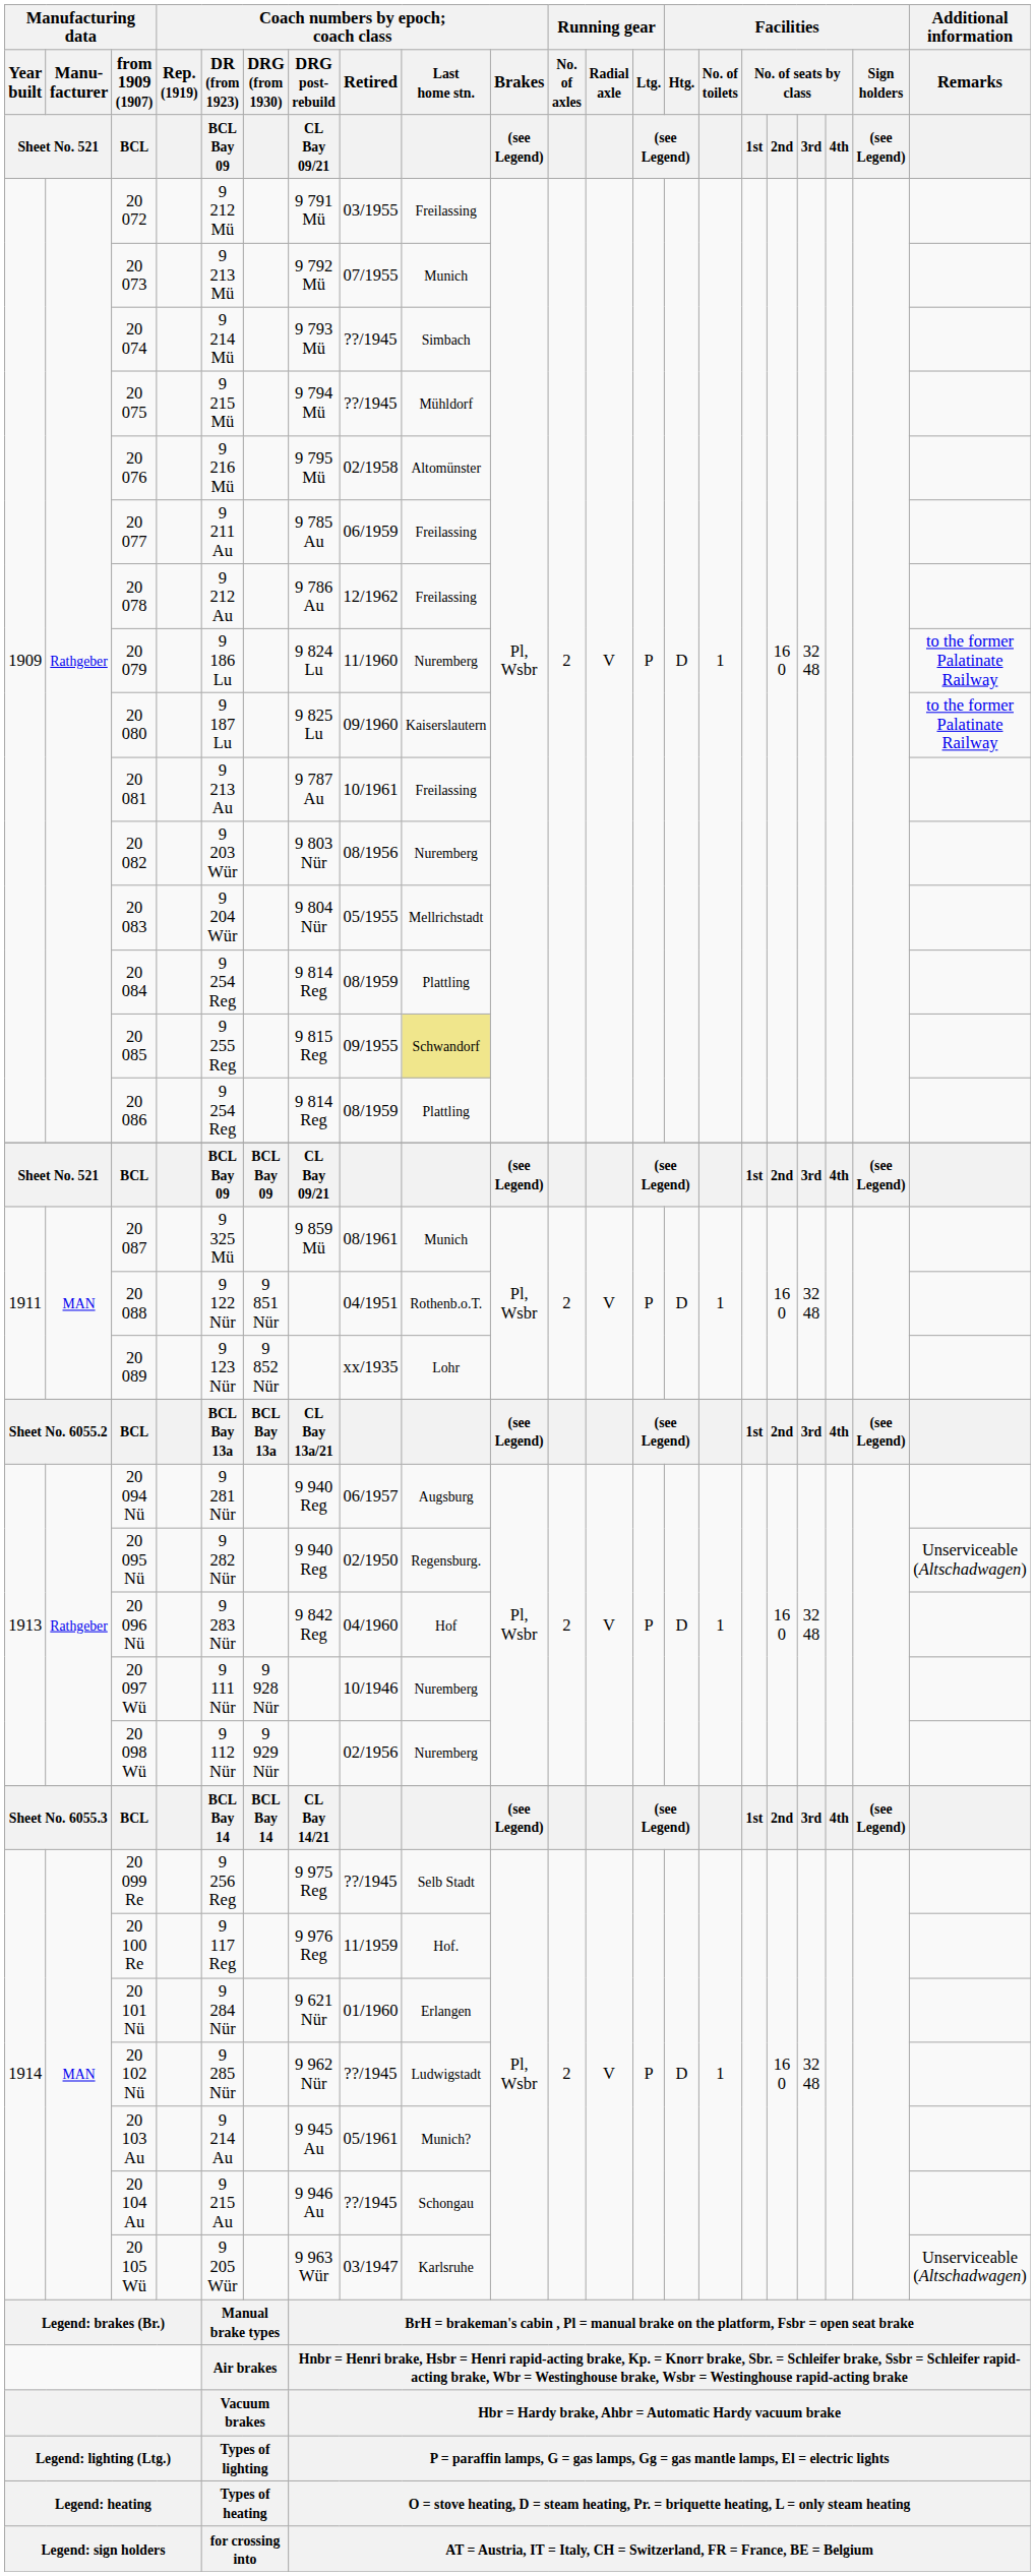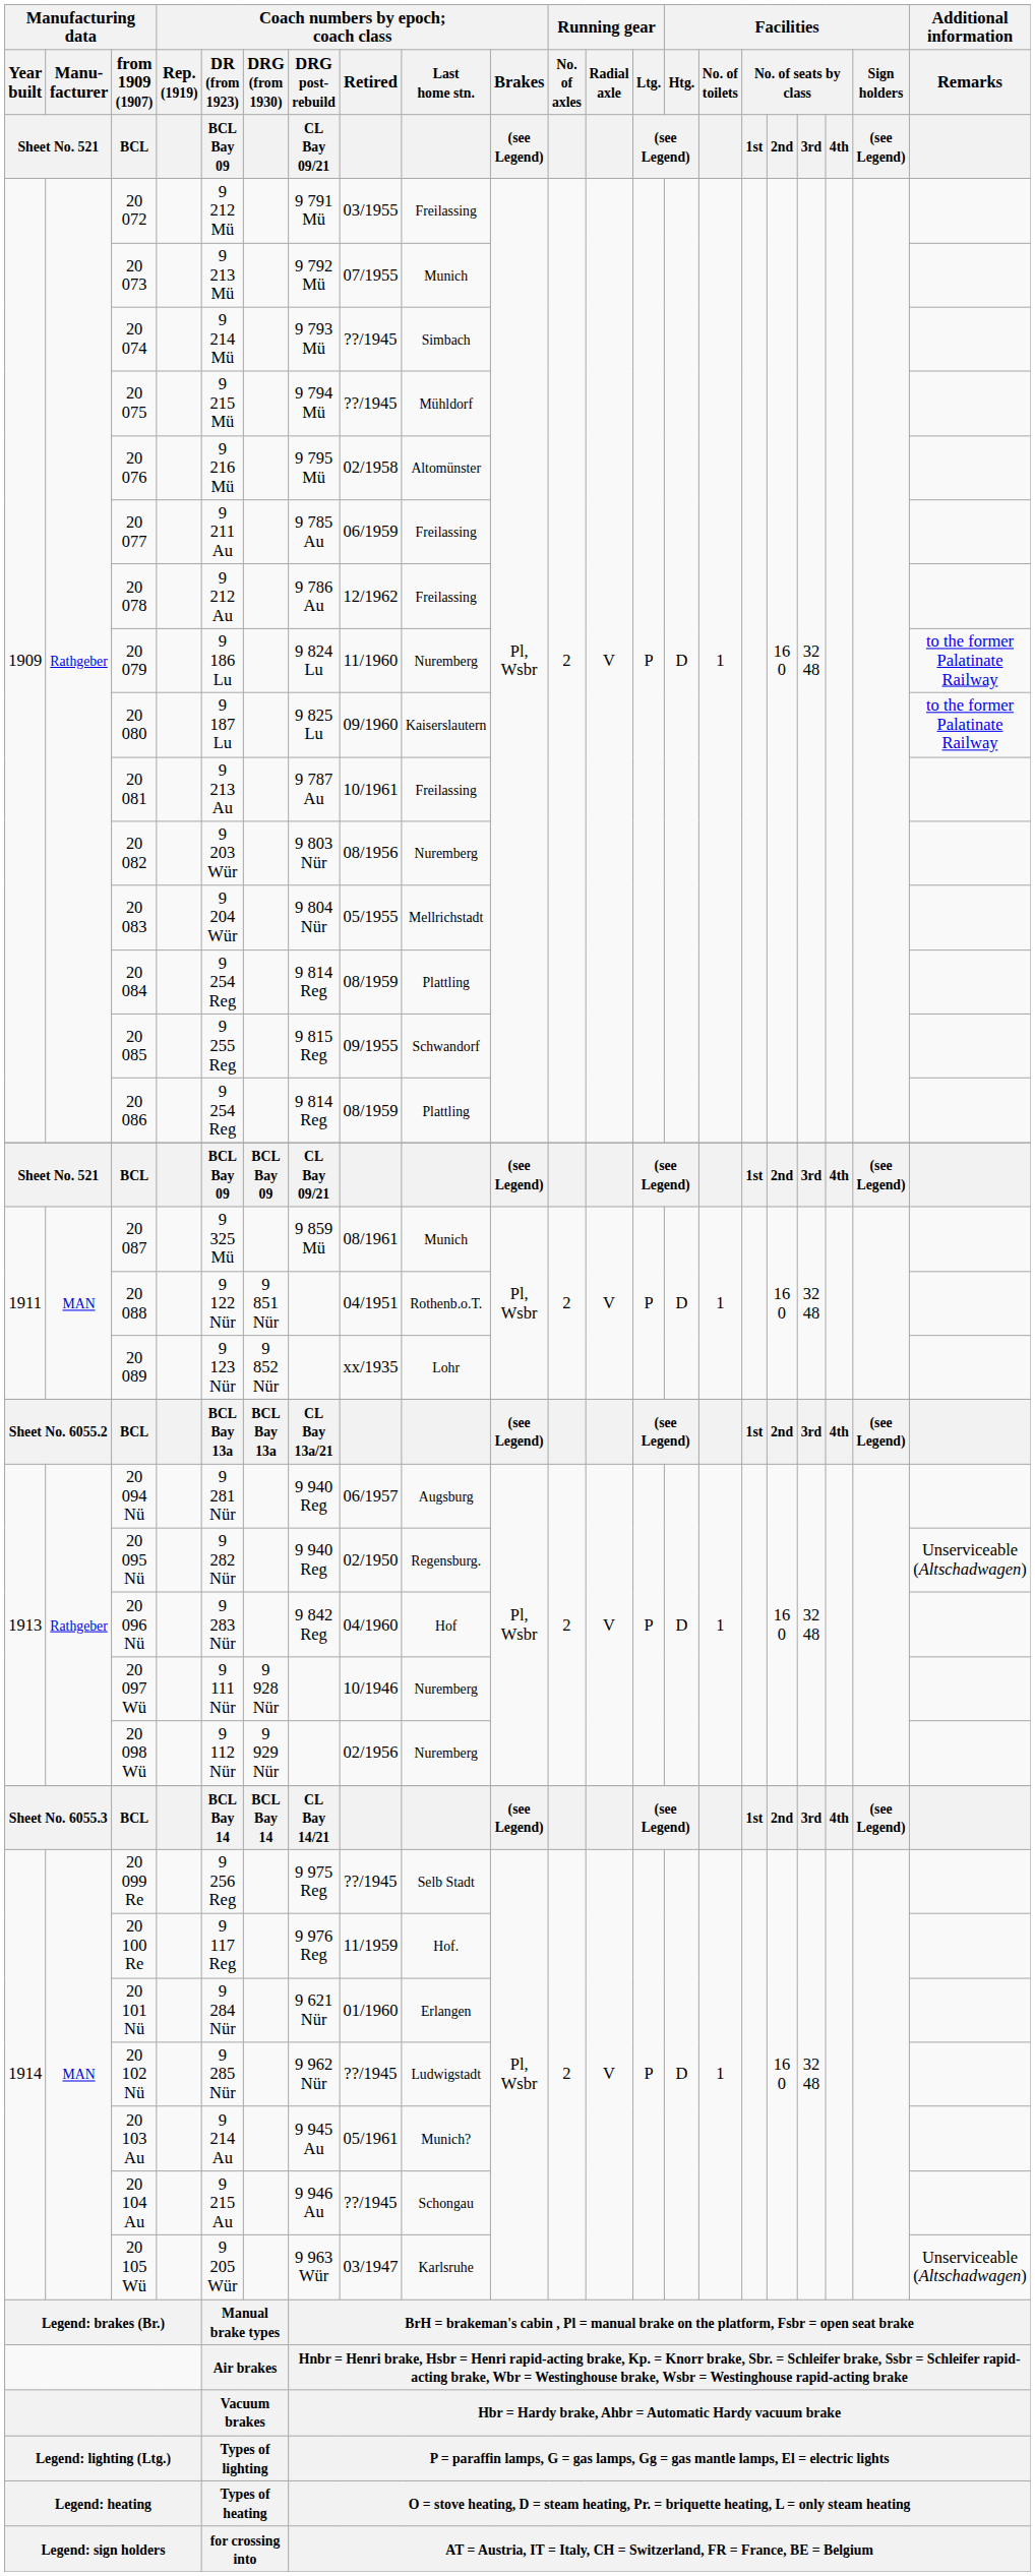 <table class="wikitable" style="text-align:center; width:100%;">
 <tr class="backgroundcolor4">
 <th colspan="3">Manufacturing data</th>
 <th colspan="7">Coach numbers by epoch;<br>coach class</th>
 <th colspan="3">Running gear</th>
 <th colspan="7">Facilities</th>
 <th colspan="4">Additional information</th>
 </tr>
 <tr class="backgroundcolor6">
 <th style="width:3%">Year<br>built</th>
 <th style="width:3%">Manu-<br>facturer</th>
 <th style="width:7%">from 1909<br><small>(1907)</small></th>
 <th style="width:2%">Rep.<br><small>(1919)</small></th>
 <th style="width:7%">DR<br><small>(from 1923)</small></th>
 <th style="width:7%">DRG<br><small>(from 1930)</small></th>
 <th style="width:8%">DRG<br><small>post-rebuild</small></th>
 <th style="width:3%">Retired</th>
 <th style="width:7%"><small>Last <br>home stn.</small></th>
 <th style="width:6%">Brakes</th>
 <th style="width:1%"><small>No. of<br>axles</small></th>
 <th style="width:1%"><small>Radial<br>axle</small></th>
 <th style="width:2%"><small>Ltg.</small></th>
 <th style="width:2%"><small>Htg.</small></th>
 <th style="width:3%"><small>No. of<br>toilets</small></th>
 <th colspan="4"><small>No. of seats by class</small></th>
 <th style="width:3%"><small>Sign<br>holders</small></th>
 <th>Remarks</th>
 </tr>
 <tr class="hintergrundfarbe5">
 <th colspan="2"><small>Sheet No. 521</small></th>
 <th><small>BCL</small></th>
 <th></th>
 <th><small>BCL Bay 09</small></th>
 <th></th>
 <th><small>CL Bay 09/21</small></th>
 <th></th>
 <th></th>
 <th><small>(see<br>Legend)</small></th>
 <th></th>
 <th></th>
 <th colspan="2"><small>(see<br>Legend)</small></th>
 <th></th>
 <th style="width:1%"><small>1st</small></th>
 <th style="width:1%"><small>2nd</small></th>
 <th style="width:1%"><small>3rd</small></th>
 <th style="width:1%"><small>4th</small></th>
 <th><small>(see<br>Legend)</small></th>
 <th></th>
 </tr>
 <tr>
 <td rowspan="15">1909</td>
 <td rowspan="15"><small><a href='#'>Rathgeber</a></small></td>
 <td>20 072</td>
 <td></td>
 <td>9 212 Mü</td>
 <td></td>
 <td>9 791 Mü</td>
 <td>03/1955</td>
 <td><small>Freilassing</small></td>
 <td rowspan="15">Pl, Wsbr</td>
 <td rowspan="15">2</td>
 <td rowspan="15">V</td>
 <td rowspan="15">P</td>
 <td rowspan="15">D</td>
 <td rowspan="15">1</td>
 <td rowspan="15"></td>
 <td rowspan="15">16<br>0</td>
 <td rowspan="15">32<br>48</td>
 <td rowspan="15"></td>
 <td rowspan="15"></td>
 <td></td>
 </tr>
 <tr>
 <td>20 073</td>
 <td></td>
 <td>9 213 Mü</td>
 <td></td>
 <td>9 792 Mü</td>
 <td>07/1955</td>
 <td><small>Munich</small></td>
 <td></td>
 </tr>
 <tr>
 <td>20 074</td>
 <td></td>
 <td>9 214 Mü</td>
 <td></td>
 <td>9 793 Mü</td>
 <td>??/1945</td>
 <td><small>Simbach</small></td>
 <td></td>
 </tr>
 <tr>
 <td>20 075</td>
 <td></td>
 <td>9 215 Mü</td>
 <td></td>
 <td>9 794 Mü</td>
 <td>??/1945</td>
 <td><small>Mühldorf</small></td>
 <td></td>
 </tr>
 <tr>
 <td>20 076</td>
 <td></td>
 <td>9 216 Mü</td>
 <td></td>
 <td>9 795 Mü</td>
 <td>02/1958</td>
 <td><small>Altomünster</small></td>
 <td></td>
 </tr>
 <tr>
 <td>20 077</td>
 <td></td>
 <td>9 211 Au</td>
 <td></td>
 <td>9 785 Au</td>
 <td>06/1959</td>
 <td><small>Freilassing</small></td>
 <td></td>
 </tr>
 <tr>
 <td>20 078</td>
 <td></td>
 <td>9 212 Au</td>
 <td></td>
 <td>9 786 Au</td>
 <td>12/1962</td>
 <td><small>Freilassing</small></td>
 <td></td>
 </tr>
 <tr>
 <td>20 079</td>
 <td></td>
 <td>9 186 Lu</td>
 <td></td>
 <td>9 824 Lu</td>
 <td>11/1960</td>
 <td><small>Nuremberg</small></td>
 <td><a href='#'>to the former Palatinate Railway</a></td>
 </tr>
 <tr>
 <td>20 080</td>
 <td></td>
 <td>9 187 Lu</td>
 <td></td>
 <td>9 825 Lu</td>
 <td>09/1960</td>
 <td><small>Kaiserslautern</small></td>
 <td><a href='#'>to the former Palatinate Railway</a></td>
 </tr>
 <tr>
 <td>20 081</td>
 <td></td>
 <td>9 213 Au</td>
 <td></td>
 <td>9 787 Au</td>
 <td>10/1961</td>
 <td><small>Freilassing</small></td>
 <td></td>
 </tr>
 <tr>
 <td>20 082</td>
 <td></td>
 <td>9 203 Wür</td>
 <td></td>
 <td>9 803 Nür</td>
 <td>08/1956</td>
 <td><small>Nuremberg</small></td>
 <td></td>
 </tr>
 <tr>
 <td>20 083</td>
 <td></td>
 <td>9 204 Wür</td>
 <td></td>
 <td>9 804 Nür</td>
 <td>05/1955</td>
 <td><small>Mellrichstadt</small></td>
 <td></td>
 </tr>
 <tr>
 <td>20 084</td>
 <td></td>
 <td>9 254 Reg</td>
 <td></td>
 <td>9 814 Reg</td>
 <td>08/1959</td>
 <td><small>Plattling</small></td>
 <td></td>
 </tr>
 <tr>
 <td>20 085</td>
 <td></td>
 <td>9 255 Reg</td>
 <td></td>
 <td>9 815 Reg</td>
 <td>09/1955</td>
-<td style="background: khaki;"><small>Schwandorf</small></td>
+<td><small>Schwandorf</small></td>
 <td></td>
 </tr>
 <tr>
 <td>20 086</td>
 <td></td>
 <td>9 254 Reg</td>
 <td></td>
 <td>9 814 Reg</td>
 <td>08/1959</td>
 <td><small>Plattling</small></td>
 <td></td>
 </tr>
 <tr>
 </tr>
 <tr class="hintergrundfarbe5">
 <th colspan="2"><small>Sheet No. 521</small></th>
 <th><small>BCL</small></th>
 <th></th>
 <th><small>BCL Bay 09</small></th>
 <th><small>BCL Bay 09</small></th>
 <th><small>CL Bay 09/21</small></th>
 <th></th>
 <th></th>
 <th><small>(see<br>Legend)</small></th>
 <th></th>
 <th></th>
 <th colspan="2"><small>(see<br>Legend)</small></th>
 <th></th>
 <th style="width:1%"><small>1st</small></th>
 <th style="width:1%"><small>2nd</small></th>
 <th style="width:1%"><small>3rd</small></th>
 <th style="width:1%"><small>4th</small></th>
 <th><small>(see<br>Legend)</small></th>
 <th></th>
 </tr>
 <tr>
 <td rowspan="3">1911</td>
 <td rowspan="3"><small><a href='#'>MAN</a></small></td>
 <td>20 087</td>
 <td></td>
 <td>9 325 Mü</td>
 <td></td>
 <td>9 859 Mü</td>
 <td>08/1961</td>
 <td><small>Munich</small></td>
 <td rowspan="3">Pl, Wsbr</td>
 <td rowspan="3">2</td>
 <td rowspan="3">V</td>
 <td rowspan="3">P</td>
 <td rowspan="3">D</td>
 <td rowspan="3">1</td>
 <td rowspan="3"></td>
 <td rowspan="3">16<br>0</td>
 <td rowspan="3">32<br>48</td>
 <td rowspan="3"></td>
 <td rowspan="3"></td>
 <td></td>
 </tr>
 <tr>
 <td>20 088</td>
 <td></td>
 <td>9 122 Nür</td>
 <td>9 851 Nür</td>
 <td></td>
 <td>04/1951</td>
 <td><small>Rothenb.o.T.</small></td>
 <td></td>
 </tr>
 <tr>
 <td>20 089</td>
 <td></td>
 <td>9 123 Nür</td>
 <td>9 852 Nür</td>
 <td></td>
 <td>xx/1935</td>
 <td><small>Lohr</small></td>
 <td></td>
 </tr>
 <tr>
 </tr>
 <tr class="hintergrundfarbe5">
 <th colspan="2"><small>Sheet No. 6055.2</small></th>
 <th><small>BCL</small></th>
 <th></th>
 <th><small>BCL Bay 13a</small></th>
 <th><small>BCL Bay 13a</small></th>
 <th><small>CL Bay 13a/21</small></th>
 <th></th>
 <th></th>
 <th><small>(see<br>Legend)</small></th>
 <th></th>
 <th></th>
 <th colspan="2"><small>(see<br>Legend)</small></th>
 <th></th>
 <th style="width:1%"><small>1st</small></th>
 <th style="width:1%"><small>2nd</small></th>
 <th style="width:1%"><small>3rd</small></th>
 <th style="width:1%"><small>4th</small></th>
 <th><small>(see<br>Legend)</small></th>
 <th></th>
 </tr>
 <tr>
 <td rowspan="5">1913</td>
 <td rowspan="5"><small><a href='#'>Rathgeber</a></small></td>
 <td>20 094 Nü</td>
 <td></td>
 <td>9 281 Nür</td>
 <td></td>
 <td>9 940 Reg</td>
 <td>06/1957</td>
 <td><small>Augsburg</small></td>
 <td rowspan="5">Pl, Wsbr</td>
 <td rowspan="5">2</td>
 <td rowspan="5">V</td>
 <td rowspan="5">P</td>
 <td rowspan="5">D</td>
 <td rowspan="5">1</td>
 <td rowspan="5"></td>
 <td rowspan="5">16<br>0</td>
 <td rowspan="5">32<br>48</td>
 <td rowspan="5"></td>
 <td rowspan="5"></td>
 <td></td>
 </tr>
 <tr>
 <td>20 095 Nü</td>
 <td></td>
 <td>9 282 Nür</td>
 <td></td>
 <td>9 940 Reg</td>
 <td>02/1950</td>
 <td><small>Regensburg.</small></td>
 <td>Unserviceable (<em>Altschadwagen</em>)</td>
 </tr>
 <tr>
 <td>20 096 Nü</td>
 <td></td>
 <td>9 283 Nür</td>
 <td></td>
 <td>9 842 Reg</td>
 <td>04/1960</td>
 <td><small>Hof</small></td>
 <td></td>
 </tr>
 <tr>
 <td>20 097 Wü</td>
 <td></td>
 <td>9 111 Nür</td>
 <td>9 928 Nür</td>
 <td></td>
 <td>10/1946</td>
 <td><small>Nuremberg</small></td>
 <td></td>
 </tr>
 <tr>
 <td>20 098 Wü</td>
 <td></td>
 <td>9 112 Nür</td>
 <td>9 929 Nür</td>
 <td></td>
 <td>02/1956</td>
 <td><small>Nuremberg</small></td>
 <td></td>
 </tr>
 <tr>
 </tr>
 <tr class="hintergrundfarbe5">
 <th colspan="2"><small>Sheet No. 6055.3</small></th>
 <th><small>BCL</small></th>
 <th></th>
 <th><small>BCL Bay 14</small></th>
 <th><small>BCL Bay 14</small></th>
 <th><small>CL Bay 14/21</small></th>
 <th></th>
 <th></th>
 <th><small>(see<br>Legend)</small></th>
 <th></th>
 <th></th>
 <th colspan="2"><small>(see<br>Legend)</small></th>
 <th></th>
 <th style="width:1%"><small>1st</small></th>
 <th style="width:1%"><small>2nd</small></th>
 <th style="width:1%"><small>3rd</small></th>
 <th style="width:1%"><small>4th</small></th>
 <th><small>(see<br>Legend)</small></th>
 <th></th>
 </tr>
 <tr>
 <td rowspan="7">1914</td>
 <td rowspan="7"><small><a href='#'>MAN</a></small></td>
 <td>20 099 Re</td>
 <td></td>
 <td>9 256 Reg</td>
 <td></td>
 <td>9 975 Reg</td>
 <td>??/1945</td>
 <td><small>Selb Stadt</small></td>
 <td rowspan="7">Pl, Wsbr</td>
 <td rowspan="7">2</td>
 <td rowspan="7">V</td>
 <td rowspan="7">P</td>
 <td rowspan="7">D</td>
 <td rowspan="7">1</td>
 <td rowspan="7"></td>
 <td rowspan="7">16<br>0</td>
 <td rowspan="7">32<br>48</td>
 <td rowspan="7"></td>
 <td rowspan="7"></td>
 <td></td>
 </tr>
 <tr>
 <td>20 100 Re</td>
 <td></td>
 <td>9 117 Reg</td>
 <td></td>
 <td>9 976 Reg</td>
 <td>11/1959</td>
 <td><small>Hof.</small></td>
 <td></td>
 </tr>
 <tr>
 <td>20 101 Nü</td>
 <td></td>
 <td>9 284 Nür</td>
 <td></td>
 <td>9 621 Nür</td>
 <td>01/1960</td>
 <td><small>Erlangen</small></td>
 <td></td>
 </tr>
 <tr>
 <td>20 102 Nü</td>
 <td></td>
 <td>9 285 Nür</td>
 <td></td>
 <td>9 962 Nür</td>
 <td>??/1945</td>
 <td><small>Ludwigstadt</small></td>
 <td></td>
 </tr>
 <tr>
 <td>20 103 Au</td>
 <td></td>
 <td>9 214 Au</td>
 <td></td>
 <td>9 945 Au</td>
 <td>05/1961</td>
 <td><small>Munich?</small></td>
 <td></td>
 </tr>
 <tr>
 <td>20 104 Au</td>
 <td></td>
 <td>9 215 Au</td>
 <td></td>
 <td>9 946 Au</td>
 <td>??/1945</td>
 <td><small>Schongau</small></td>
 <td></td>
 </tr>
 <tr>
 <td>20 105 Wü</td>
 <td></td>
 <td>9 205 Wür</td>
 <td></td>
 <td>9 963 Wür</td>
 <td>03/1947</td>
 <td><small>Karlsruhe</small></td>
 <td>Unserviceable (<em>Altschadwagen</em>)</td>
 </tr>
 <tr class="hintergrundfarbe5">
 <th colspan="4"><small>Legend: brakes (Br.)</small></th>
 <th colspan="2"><small>Manual brake types</small></th>
 <th colspan="18"><small>BrH = brakeman's cabin , Pl = manual brake on the platform, Fsbr = open seat brake</small></th>
 </tr>
 <tr class="hintergrundfarbe5">
 <td colspan="4"></td>
 <th colspan="2"><small>Air brakes</small></th>
 <th colspan="18"><small>Hnbr = Henri brake, Hsbr = Henri rapid-acting brake, Kp. = Knorr brake, Sbr. = Schleifer brake, Ssbr = Schleifer rapid-acting brake, Wbr = Westinghouse brake, Wsbr = Westinghouse rapid-acting brake</small></th>
 </tr>
 <tr class="hintergrundfarbe5">
 <th colspan="4"></th>
 <th colspan="2"><small>Vacuum brakes</small></th>
 <th colspan="18"><small>Hbr = Hardy brake, Ahbr = Automatic Hardy vacuum brake</small></th>
 </tr>
 <tr class="hintergrundfarbe5">
 <th colspan="4"><small>Legend: lighting (Ltg.)</small></th>
 <th colspan="2"><small>Types of lighting</small></th>
 <th colspan="18"><small>P = paraffin lamps, G = gas lamps, Gg = gas mantle lamps, El = electric lights</small></th>
 </tr>
 <tr class="hintergrundfarbe5">
 <th colspan="4"><small>Legend: heating</small></th>
 <th colspan="2"><small>Types of heating</small></th>
 <th colspan="18"><small>O = stove heating, D = steam heating, Pr. = briquette heating, L = only steam heating</small></th>
 </tr>
 <tr class="hintergrundfarbe5">
 <th colspan="4"><small>Legend: sign holders</small></th>
 <th colspan="2"><small>for crossing into</small></th>
 <th colspan="18"><small>AT = Austria, IT = Italy, CH = Switzerland, FR = France, BE = Belgium</small></th>
 </tr>
 <tr>
 </tr>
 </table>
